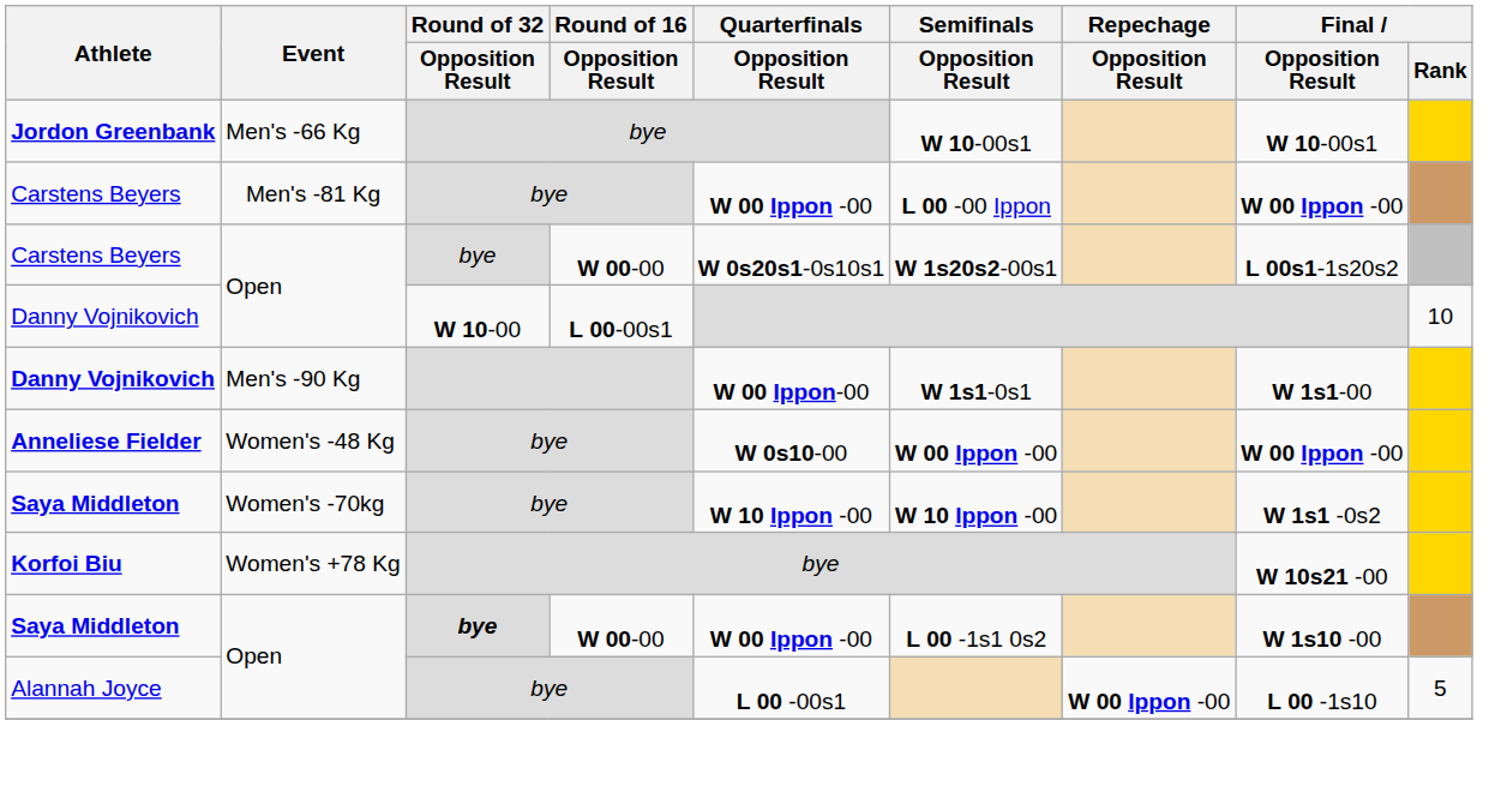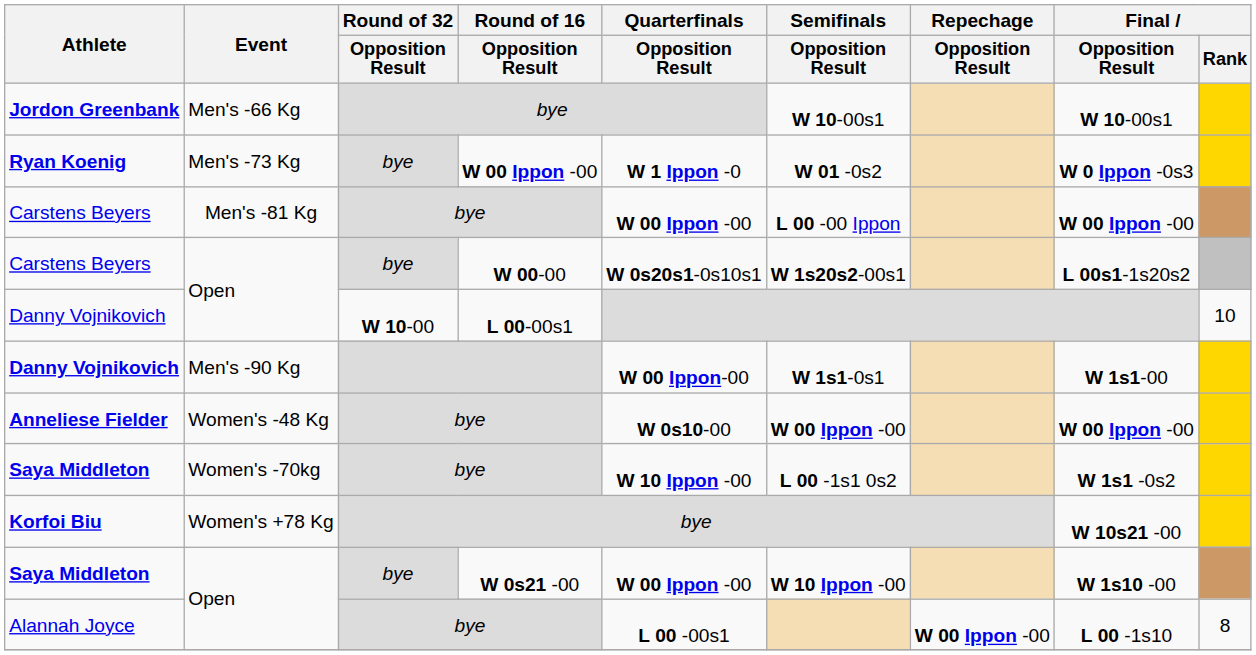 <table class=wikitable style=font-size:90%;text-align:center>
 <tr>
 <th rowspan=2>Athlete</th>
 <th rowspan=2>Event</th>
 <th>Round of 32</th>
 <th>Round of 16</th>
 <th>Quarterfinals</th>
 <th>Semifinals</th>
 <th>Repechage</th>
 <th colspan=2>Final / </th>
 </tr>
 <tr style=font-size:95%>
 <th>Opposition<br>Result</th>
 <th>Opposition<br>Result</th>
 <th>Opposition<br>Result</th>
 <th>Opposition<br>Result</th>
 <th>Opposition<br>Result</th>
 <th>Opposition<br>Result</th>
 <th>Rank</th>
 </tr>
 <tr>
 <td align=left><strong><a href='#'>Jordon Greenbank</a></strong></td>
 <td align=left>Men's -66 Kg</td>
 <td style="text-align:center; background:#dcdcdc;" colspan=3><em>bye</em></td>
 <td> <br> <strong>W</strong> <strong>10</strong>-00s1</td>
 <td align="center" bgcolor=wheat></td>
 <td> <br> <strong>W</strong> <strong>10</strong>-00s1</td>
+<td bgcolor=gold></td>
+</tr>
+<tr>
+<td align=left><strong><a href='#'>Ryan Koenig</a></strong></td>
+<td align=left>Men's -73 Kg</td>
+<td style="text-align:center; background:#dcdcdc;"><em>bye</em></td>
+<td> <br> <strong>W</strong> <strong>00 <a href='#'>Ippon</a></strong> -00</td>
+<td> <br> <strong>W</strong> <strong>1 <a href='#'>Ippon</a></strong> -0</td>
+<td> <br> <strong>W</strong> <strong>01</strong> -0s2</td>
+<td align="center" bgcolor=wheat></td>
+<td> <br> <strong>W</strong> <strong>0 <a href='#'>Ippon</a> </strong> -0s3</td>
 <td bgcolor=gold></td>
 </tr>
 <tr>
 <td align=left><a href='#'>Carstens Beyers</a></td>
 <td>Men's -81 Kg</td>
 <td style="text-align:center; background:#dcdcdc;" colspan=2><em>bye</em></td>
 <td> <br> <strong>W</strong> <strong>00 <a href='#'>Ippon</a></strong> -00</td>
 <td> <br> <strong>L</strong> <strong>00</strong> -00 <a href='#'>Ippon</a></td>
 <td align="center" bgcolor=wheat></td>
 <td> <br> <strong>W</strong> <strong>00 <a href='#'>Ippon</a></strong> -00</td>
 <td bgcolor=cc9966></td>
 </tr>
 <tr>
 <td align=left><a href='#'>Carstens Beyers</a></td>
 <td align=left rowspan=2>Open</td>
 <td style="text-align:center; background:#dcdcdc;"><em>bye</em></td>
 <td> <br> <strong>W</strong> <strong>00</strong>-00</td>
 <td> <br> <strong>W</strong> <strong>0s20s1</strong>-0s10s1</td>
 <td> <br> <strong>W</strong> <strong>1s20s2</strong>-00s1</td>
 <td align="center" bgcolor=wheat></td>
 <td> <br> <strong>L</strong> <strong>00s1</strong>-1s20s2</td>
 <td bgcolor=silver></td>
 </tr>
 <tr>
 <td align=left><a href='#'>Danny Vojnikovich</a></td>
 <td> <br> <strong>W</strong> <strong>10</strong>-00</td>
 <td> <br> <strong>L</strong> <strong>00</strong>-00s1</td>
 <td style="text-align:center; background:#dcdcdc;" colspan=4></td>
 <td>10</td>
 </tr>
 <tr>
 <td align=left><strong><a href='#'>Danny Vojnikovich</a></strong></td>
 <td align=left>Men's -90 Kg</td>
 <td style="text-align:center; background:#dcdcdc;" colspan=2></td>
 <td> <br> <strong>W</strong> <strong>00 <a href='#'>Ippon</a></strong>-00</td>
 <td> <br> <strong>W</strong> <strong>1s1</strong>-0s1</td>
 <td align="center" bgcolor=wheat></td>
 <td> <br> <strong>W</strong> <strong>1s1</strong>-00</td>
 <td bgcolor=gold></td>
 </tr>
 <tr>
 <td align=left><strong><a href='#'>Anneliese Fielder</a></strong></td>
 <td align=left>Women's -48 Kg</td>
 <td style="text-align:center; background:#dcdcdc;" colspan=2><em>bye</em></td>
 <td> <br> <strong>W</strong> <strong>0s10</strong>-00</td>
 <td> <br> <strong>W</strong> <strong>00 <a href='#'>Ippon</a></strong> -00</td>
 <td align="center" bgcolor=wheat></td>
 <td> <br> <strong>W</strong> <strong>00 <a href='#'>Ippon</a></strong> -00</td>
 <td bgcolor=gold></td>
 </tr>
 <tr>
 <td align=left><strong><a href='#'>Saya Middleton</a></strong></td>
 <td align=left>Women's -70kg</td>
 <td style="text-align:center; background:#dcdcdc;" colspan=2><em>bye</em></td>
 <td> <br> <strong>W</strong> <strong>10 <a href='#'>Ippon</a></strong> -00</td>
-<td> <br> <strong>W</strong> <strong>10 <a href='#'>Ippon</a></strong> -00</td>
+<td> <br> <strong>L</strong> <strong>00</strong> -1s1 0s2</td>
 <td align="center" bgcolor=wheat></td>
 <td> <br> <strong>W</strong> <strong>1s1</strong> -0s2</td>
 <td bgcolor=gold></td>
 </tr>
 <tr>
 <td align=left><strong><a href='#'>Korfoi Biu</a></strong></td>
 <td align=left>Women's +78 Kg</td>
 <td style="text-align:center; background:#dcdcdc;" colspan=5><em>bye</em></td>
 <td> <br> <strong>W</strong> <strong>10s21</strong> -00</td>
 <td bgcolor=gold></td>
 </tr>
 <tr>
 <td align=left><strong><a href='#'>Saya Middleton</a></strong></td>
 <td align=left rowspan=2>Open</td>
-<td style="text-align:center; background:#dcdcdc;"><strong><em>bye</em></strong></td>
-<td> <br> <strong>W</strong> <strong>00</strong>-00</td>
+<td style="text-align:center; background:#dcdcdc;"><em>bye</em></td>
+<td> <br> <strong>W</strong> <strong>0s21</strong> -00</td>
 <td> <br> <strong>W</strong> <strong>00 <a href='#'>Ippon</a></strong> -00</td>
-<td> <br> <strong>L</strong> <strong>00</strong> -1s1 0s2</td>
+<td> <br> <strong>W</strong> <strong>10 <a href='#'>Ippon</a></strong> -00</td>
 <td align="center" bgcolor=wheat></td>
 <td> <br> <strong>W</strong> <strong>1s10</strong> -00</td>
 <td bgcolor=cc9966></td>
 </tr>
 <tr>
 <td align=left><a href='#'>Alannah Joyce</a></td>
 <td style="text-align:center; background:#dcdcdc;" colspan=2><em>bye</em></td>
 <td> <br> <strong>L</strong> <strong>00</strong> -00s1</td>
 <td align="center" bgcolor=wheat></td>
 <td> <br> <strong>W</strong> <strong>00 <a href='#'>Ippon</a></strong> -00</td>
 <td> <br> <strong>L</strong> <strong>00</strong> -1s10</td>
-<td>5</td>
+<td>8</td>
 </tr>
 <tr>
 </tr>
 </table>
